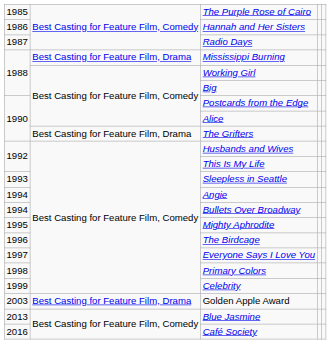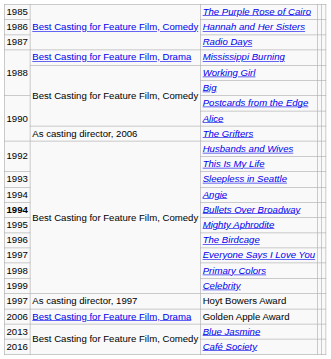 <table class="wikitable sortable">
 <tr>
 <td style="text-align:center;">1985</td>
 <td rowspan="3"><a href='#'>Best Casting for Feature Film, Comedy</a></td>
 <td><em><a href='#'>The Purple Rose of Cairo</a></em></td>
 <td></td>
 <td></td>
 </tr>
 <tr>
 <td style="text-align:center;">1986</td>
 <td><em><a href='#'>Hannah and Her Sisters</a></em></td>
 <td></td>
 <td></td>
 </tr>
 <tr>
 <td style="text-align:center;">1987</td>
 <td><em><a href='#'>Radio Days</a></em></td>
 <td></td>
 <td></td>
 </tr>
 <tr>
 <td rowspan="3" style="text-align:center;" ,>1988</td>
 <td><a href='#'>Best Casting for Feature Film, Drama</a></td>
 <td><em><a href='#'>Mississippi Burning</a></em></td>
 <td></td>
 <td></td>
 </tr>
 <tr>
 <td rowspan="4">Best Casting for Feature Film, Comedy</td>
 <td><em><a href='#'>Working Girl</a></em></td>
 <td></td>
 <td></td>
 </tr>
 <tr>
 <td><em><a href='#'>Big</a></em></td>
 <td></td>
 <td></td>
 </tr>
 <tr>
 <td rowspan="3" style="text-align:center;" ,>1990</td>
 <td><em><a href='#'>Postcards from the Edge</a></em></td>
 <td></td>
 <td></td>
 </tr>
 <tr>
 <td><em><a href='#'>Alice</a></em></td>
 <td></td>
 <td></td>
 </tr>
 <tr>
-<td>Best Casting for Feature Film, Drama</td>
+<td rowspan="style=">As casting director, 2006</td>
 <td><em><a href='#'>The Grifters</a></em></td>
 <td></td>
 <td></td>
 </tr>
 <tr>
 <td rowspan="2" style="text-align:center;" ,>1992</td>
 <td rowspan="10">Best Casting for Feature Film, Comedy</td>
 <td><em><a href='#'>Husbands and Wives</a></em></td>
 <td></td>
 <td></td>
 </tr>
 <tr>
 <td><em><a href='#'>This Is My Life</a></em></td>
 <td></td>
 <td></td>
 </tr>
 <tr>
 <td style="text-align:center;">1993</td>
 <td><em><a href='#'>Sleepless in Seattle</a></em></td>
 <td></td>
 <td></td>
 </tr>
 <tr>
 <td style="text-align:center;">1994</td>
 <td><em><a href='#'>Angie</a></em></td>
 <td></td>
 <td></td>
 </tr>
 <tr>
-<td style="text-align:center;">1994</td>
+<td style="text-align:center;"><strong>1994</strong></td>
 <td><em><a href='#'>Bullets Over Broadway</a></em></td>
 <td></td>
 <td></td>
 </tr>
 <tr>
 <td style="text-align:center;">1995</td>
 <td><em><a href='#'>Mighty Aphrodite</a></em></td>
 <td></td>
 <td></td>
 </tr>
 <tr>
 <td style="text-align:center;">1996</td>
 <td><em><a href='#'>The Birdcage</a></em></td>
 <td></td>
 <td></td>
 </tr>
 <tr>
 <td style="text-align:center;">1997</td>
 <td><em><a href='#'>Everyone Says I Love You</a></em></td>
 <td></td>
 <td></td>
 </tr>
 <tr>
 <td style="text-align:center;">1998</td>
 <td><em><a href='#'>Primary Colors</a></em></td>
 <td></td>
 <td></td>
 </tr>
 <tr>
 <td style="text-align:center;">1999</td>
 <td><em><a href='#'>Celebrity</a></em></td>
 <td></td>
 <td></td>
 </tr>
 <tr>
-<td style="text-align:center;">2003</td>
+<td style="text-align:center;">1997</td>
+<td style="text-align:left ">As casting director, 1997</td>
+<td>Hoyt Bowers Award</td>
+<td></td>
+<td></td>
+</tr>
+<tr>
+<td style="text-align:center;">2006</td>
 <td><a href='#'>Best Casting for Feature Film, Drama</a></td>
 <td>Golden Apple Award</td>
 <td></td>
 <td></td>
 </tr>
 <tr>
 <td style="text-align:center;">2013</td>
 <td rowspan="2">Best Casting for Feature Film, Comedy</td>
 <td><em><a href='#'>Blue Jasmine</a></em></td>
 <td></td>
 <td></td>
 </tr>
 <tr>
 <td style="text-align:center;">2016</td>
 <td><em><a href='#'>Café Society</a></em></td>
 <td></td>
 <td></td>
 </tr>
 </table>
